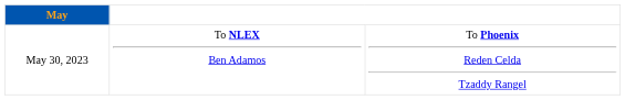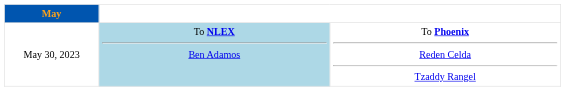 <table border=1 style="border-collapse:collapse; text-align: center; width: 100%" bordercolor="#DFDFDF"  cellpadding="5">
 <tr bgcolor="eeeeee">
 <th style="background:#0055AF; color:#F9A21D; ">May</th>
 </tr>
 <tr>
 <td style="width:12%">May 30, 2023</td>
-<td style="width:29.3%" valign="top">To <strong><a href='#'>NLEX</a></strong><hr><a href='#'>Ben Adamos</a></td>
+<td style="background: lightblue; width:29.3%" valign="top">To <strong><a href='#'>NLEX</a></strong><hr><a href='#'>Ben Adamos</a></td>
 <td style="width:29.3%" valign="top">To <strong><a href='#'>Phoenix</a></strong><hr><a href='#'>Reden Celda</a><hr><a href='#'>Tzaddy Rangel</a></td>
 </tr>
 </table>
